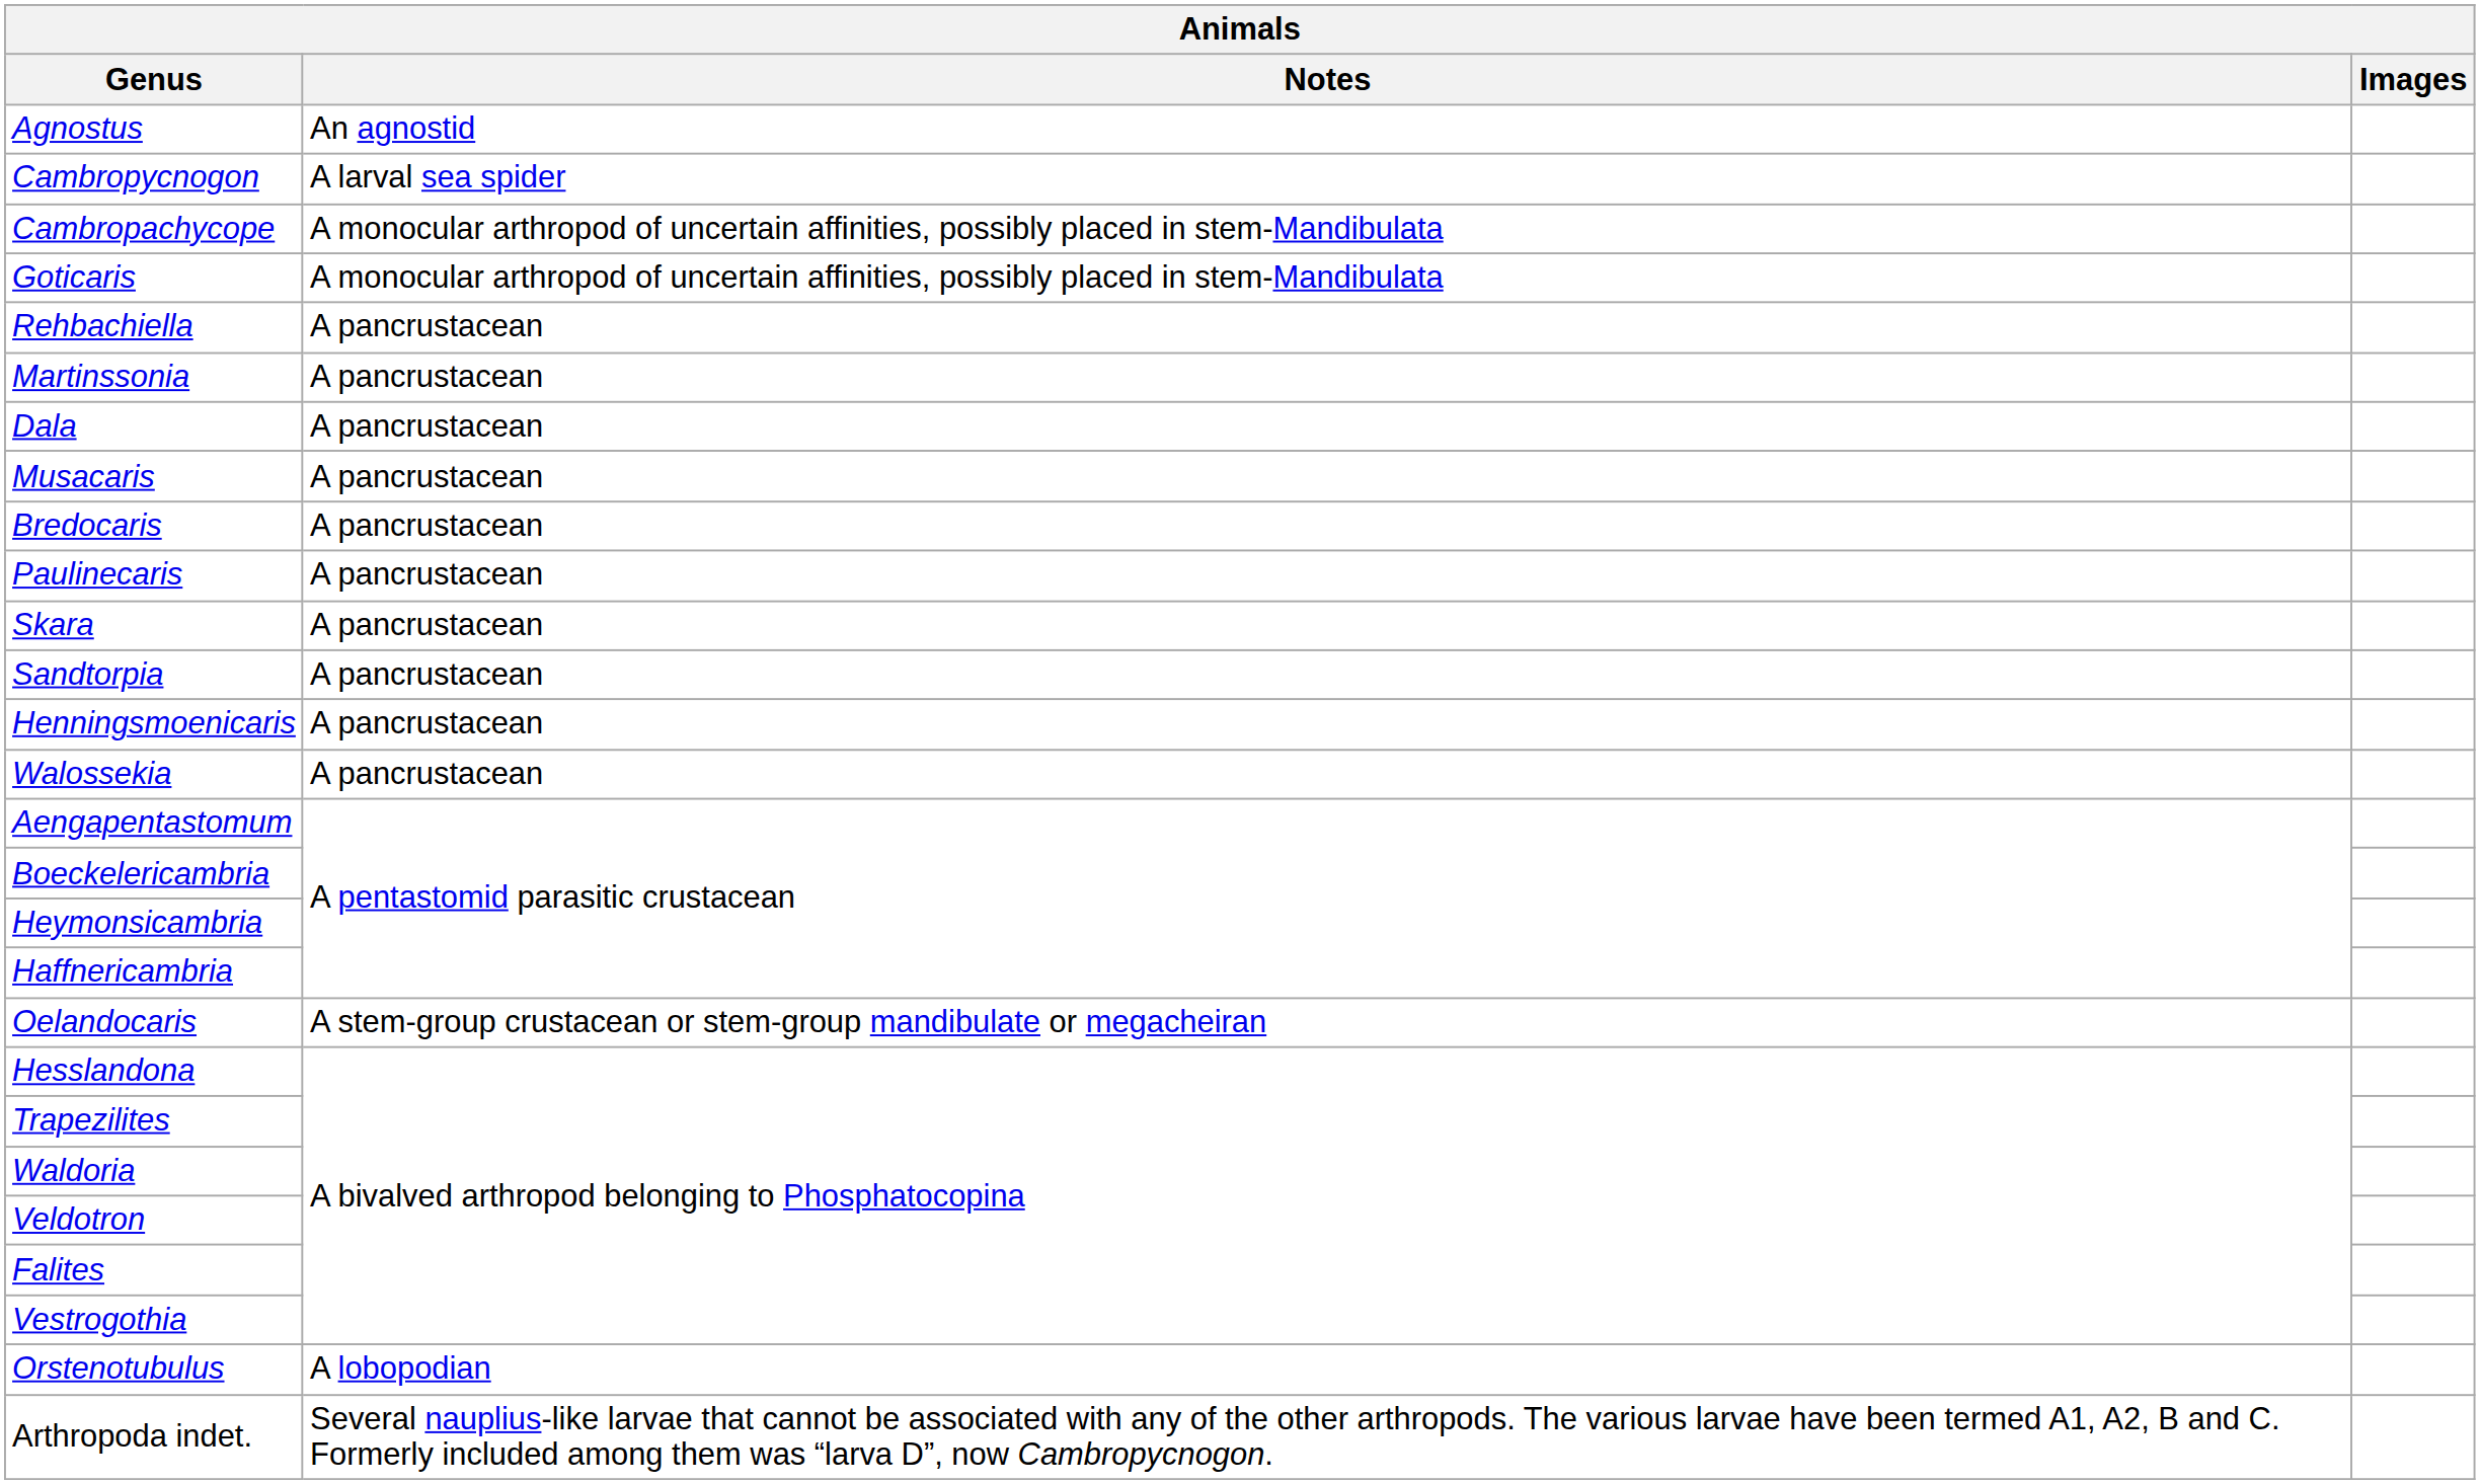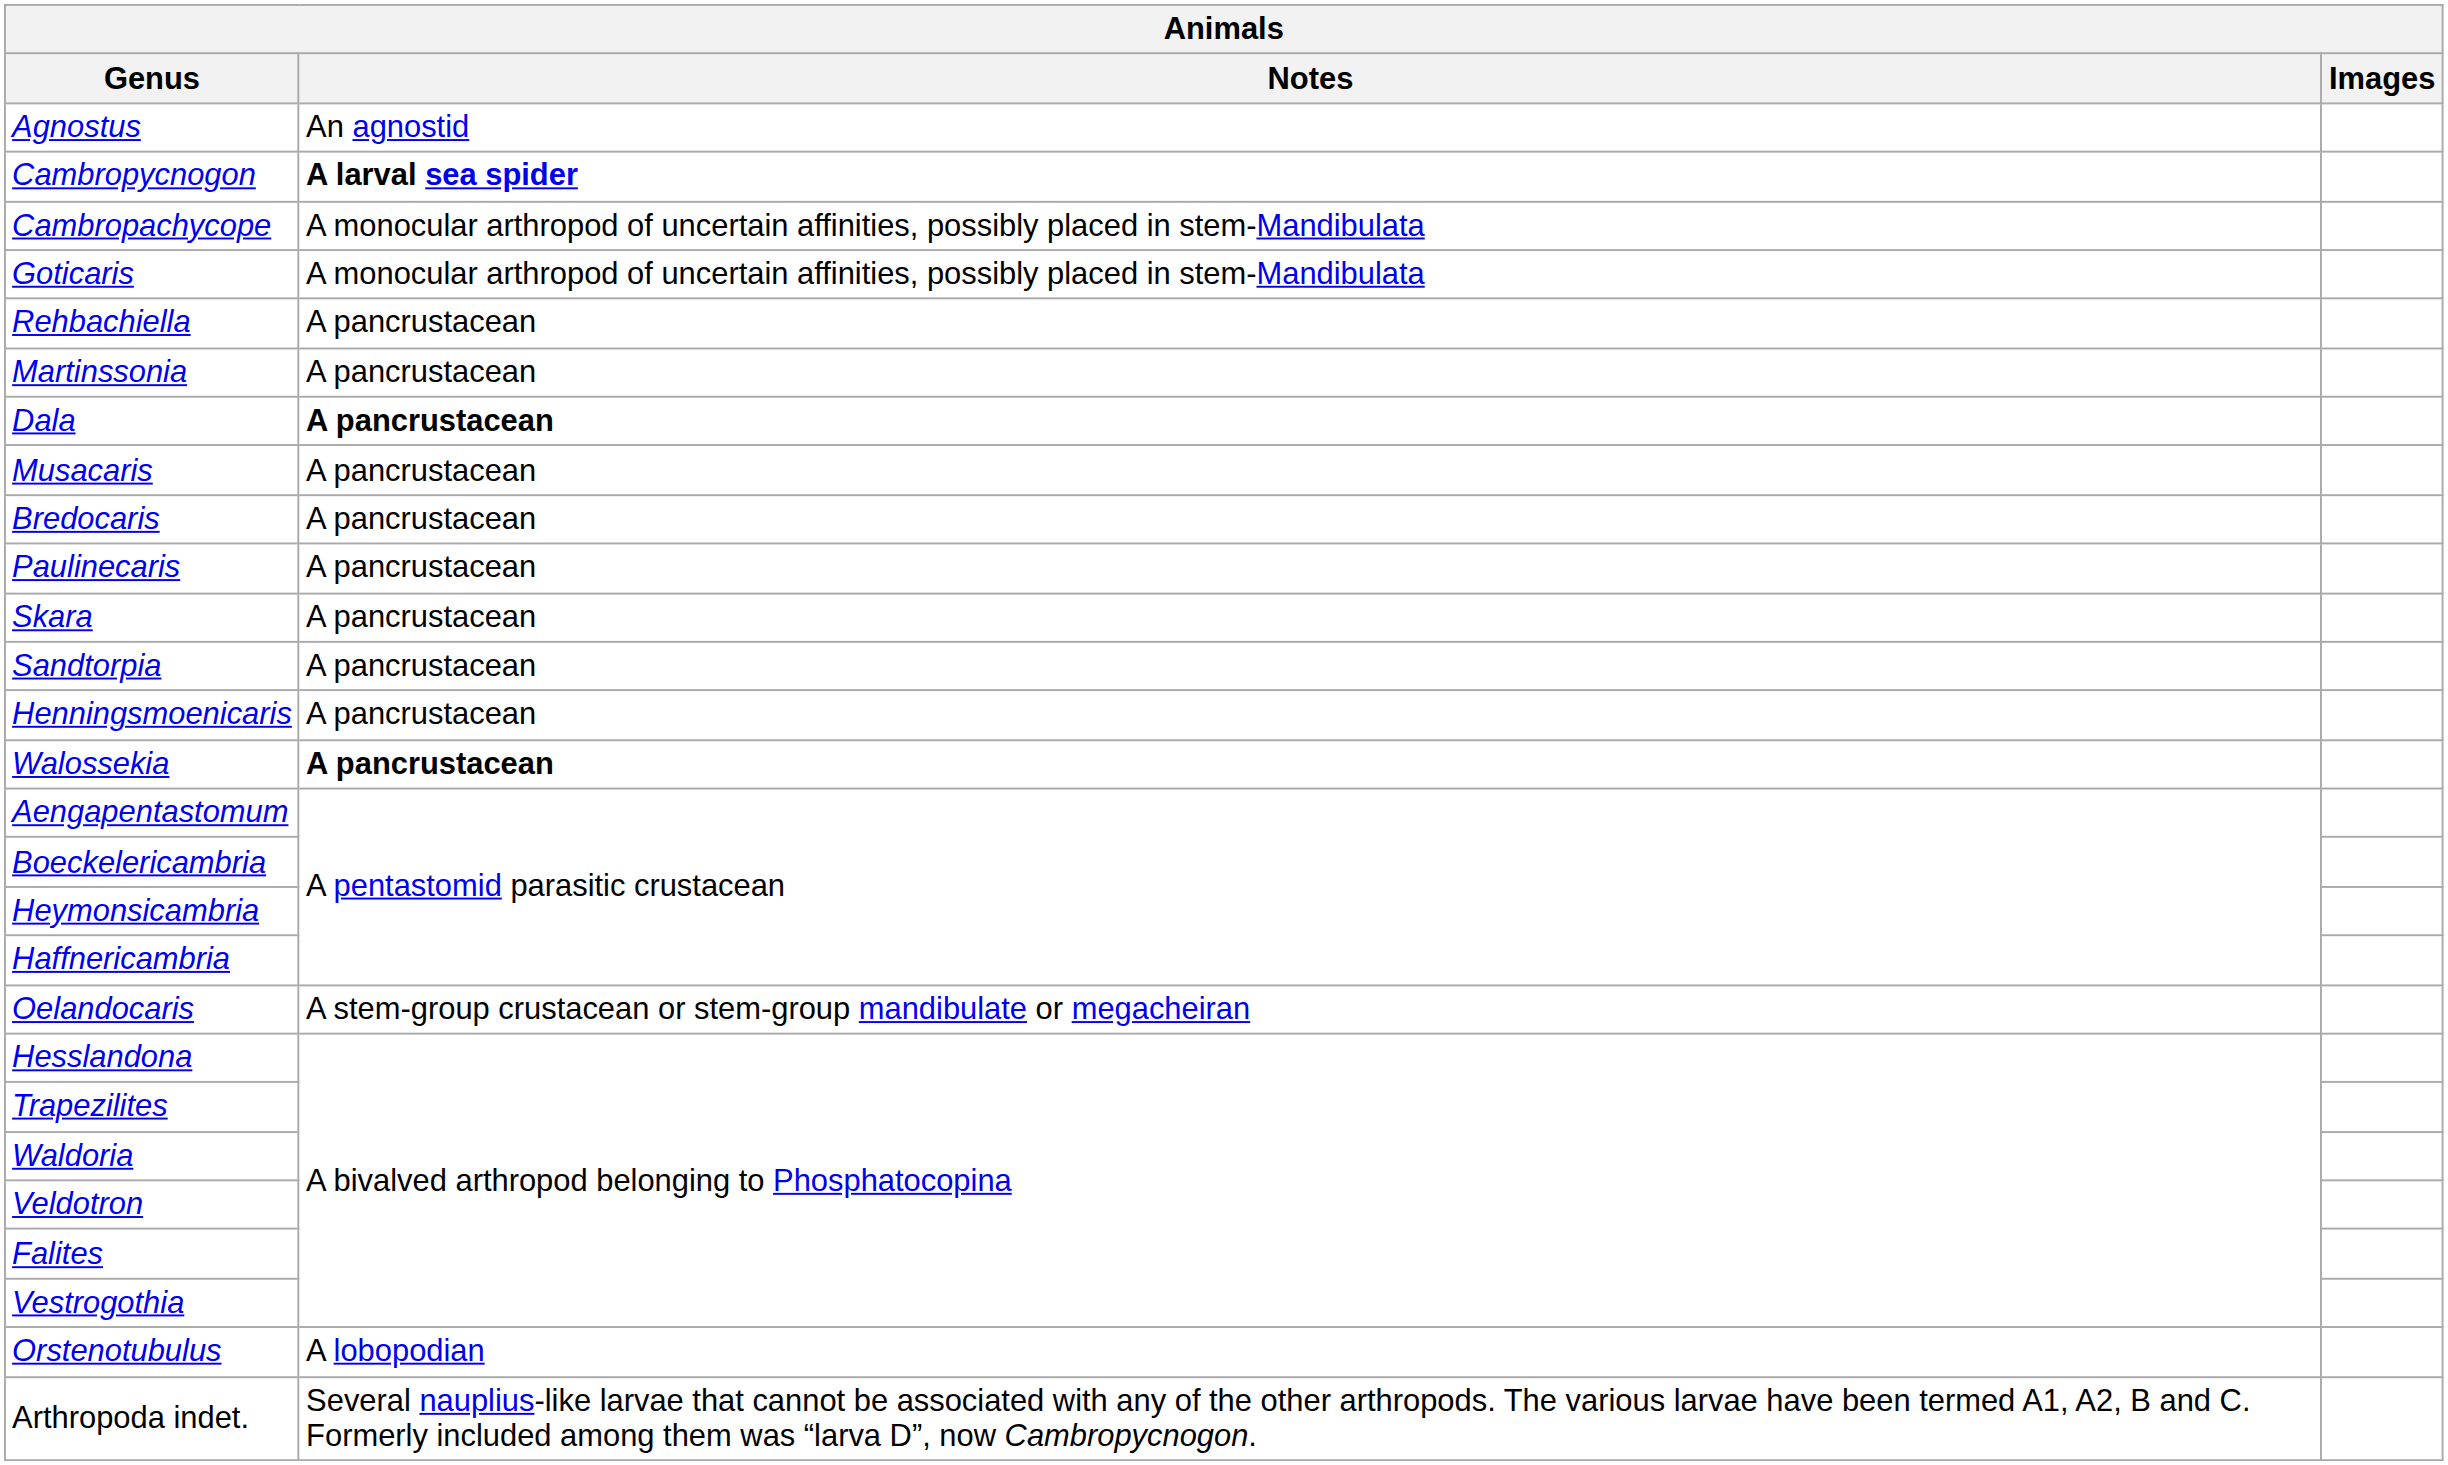 <table class="wikitable sortable" style="background:white; width:100%;">
 <tr>
 <th colspan="4" align="center">Animals</th>
 </tr>
 <tr>
 <th>Genus</th>
 <th>Notes</th>
 <th>Images</th>
 </tr>
 <tr>
 <td><em><a href='#'>Agnostus</a></em></td>
 <td>An <a href='#'>agnostid</a></td>
 <td></td>
 </tr>
 <tr>
 <td><em><a href='#'>Cambropycnogon</a></em></td>
-<td>A larval <a href='#'>sea spider</a></td>
+<td><strong>A larval <a href='#'>sea spider</a></strong></td>
 <td></td>
 </tr>
 <tr>
 <td><em><a href='#'>Cambropachycope</a></em></td>
 <td>A monocular arthropod of uncertain affinities, possibly placed in stem-<a href='#'>Mandibulata</a></td>
 <td></td>
 </tr>
 <tr>
 <td><em><a href='#'>Goticaris</a></em></td>
 <td>A monocular arthropod of uncertain affinities, possibly placed in stem-<a href='#'>Mandibulata</a></td>
 <td></td>
 </tr>
 <tr>
 <td><em><a href='#'>Rehbachiella</a></em></td>
 <td>A pancrustacean</td>
 <td></td>
 </tr>
 <tr>
 <td><em><a href='#'>Martinssonia</a></em></td>
 <td>A pancrustacean</td>
 <td></td>
 </tr>
 <tr>
 <td><em><a href='#'>Dala</a></em></td>
-<td>A pancrustacean</td>
+<td><strong>A pancrustacean</strong></td>
 <td></td>
 </tr>
 <tr>
 <td><em><a href='#'>Musacaris</a></em></td>
 <td>A pancrustacean</td>
 <td></td>
 </tr>
 <tr>
 <td><em><a href='#'>Bredocaris</a></em></td>
 <td>A pancrustacean</td>
 <td></td>
 </tr>
 <tr>
 <td><em><a href='#'>Paulinecaris</a></em></td>
 <td>A pancrustacean</td>
 <td></td>
 </tr>
 <tr>
 <td><em><a href='#'>Skara</a></em></td>
 <td>A pancrustacean</td>
 <td></td>
 </tr>
 <tr>
 <td><em><a href='#'>Sandtorpia</a></em></td>
 <td>A pancrustacean</td>
 <td></td>
 </tr>
 <tr>
 <td><em><a href='#'>Henningsmoenicaris</a></em></td>
 <td>A pancrustacean</td>
 <td></td>
 </tr>
 <tr>
 <td><em><a href='#'>Walossekia</a></em></td>
-<td>A pancrustacean</td>
+<td><strong>A pancrustacean</strong></td>
 <td></td>
 </tr>
 <tr>
 <td><em><a href='#'>Aengapentastomum</a></em></td>
 <td rowspan="4">A <a href='#'>pentastomid</a> parasitic crustacean</td>
 <td></td>
 </tr>
 <tr>
 <td><em><a href='#'>Boeckelericambria</a></em></td>
 <td></td>
 </tr>
 <tr>
 <td><em><a href='#'>Heymonsicambria</a></em></td>
 <td></td>
 </tr>
 <tr>
 <td><em><a href='#'>Haffnericambria</a></em></td>
 <td></td>
 </tr>
 <tr>
 <td><em><a href='#'>Oelandocaris</a></em></td>
 <td>A stem-group crustacean or stem-group <a href='#'>mandibulate</a> or <a href='#'>megacheiran</a></td>
 <td></td>
 </tr>
 <tr>
 <td><em><a href='#'>Hesslandona</a></em></td>
 <td rowspan="6">A bivalved arthropod belonging to <a href='#'>Phosphatocopina</a></td>
 <td></td>
 </tr>
 <tr>
 <td><em><a href='#'>Trapezilites</a></em></td>
 <td></td>
 </tr>
 <tr>
 <td><em><a href='#'>Waldoria</a></em></td>
 <td></td>
 </tr>
 <tr>
 <td><em><a href='#'>Veldotron</a></em></td>
 <td></td>
 </tr>
 <tr>
 <td><em><a href='#'>Falites</a></em></td>
 <td></td>
 </tr>
 <tr>
 <td><em><a href='#'>Vestrogothia</a></em></td>
 <td></td>
 </tr>
 <tr>
 <td><em><a href='#'>Orstenotubulus</a></em></td>
 <td>A <a href='#'>lobopodian</a></td>
 <td></td>
 </tr>
 <tr>
 <td>Arthropoda indet.</td>
 <td>Several <a href='#'>nauplius</a>-like larvae that cannot be associated with any of the other arthropods. The various larvae have been termed A1, A2, B and C. Formerly included among them was “larva D”, now <em>Cambropycnogon</em>.</td>
 <td></td>
 </tr>
 </table>
